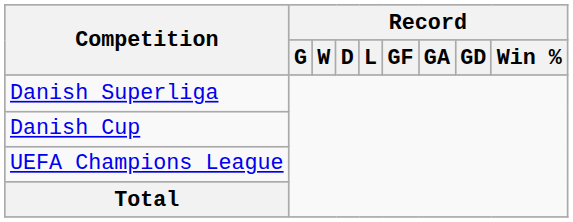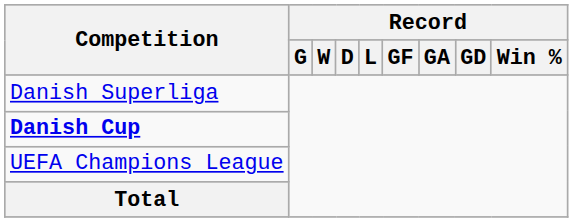 <table class="wikitable" style="text-align: center">
 <tr>
 <th rowspan="2">Competition</th>
 <th colspan="9">Record</th>
 </tr>
 <tr>
 <th>G</th>
 <th>W</th>
 <th>D</th>
 <th>L</th>
 <th>GF</th>
 <th>GA</th>
 <th>GD</th>
 <th>Win %</th>
 </tr>
 <tr>
 <td style="text-align: left"><a href='#'>Danish Superliga</a><br></td>
 </tr>
 <tr>
-<td style="text-align: left"><a href='#'>Danish Cup</a><br></td>
+<td style="text-align: left"><strong><a href='#'>Danish Cup</a><br></strong></td>
 </tr>
 <tr>
 <td style="text-align: left"><a href='#'>UEFA Champions League</a><br></td>
 </tr>
 <tr>
 <th>Total<br></th>
 </tr>
 </table>
